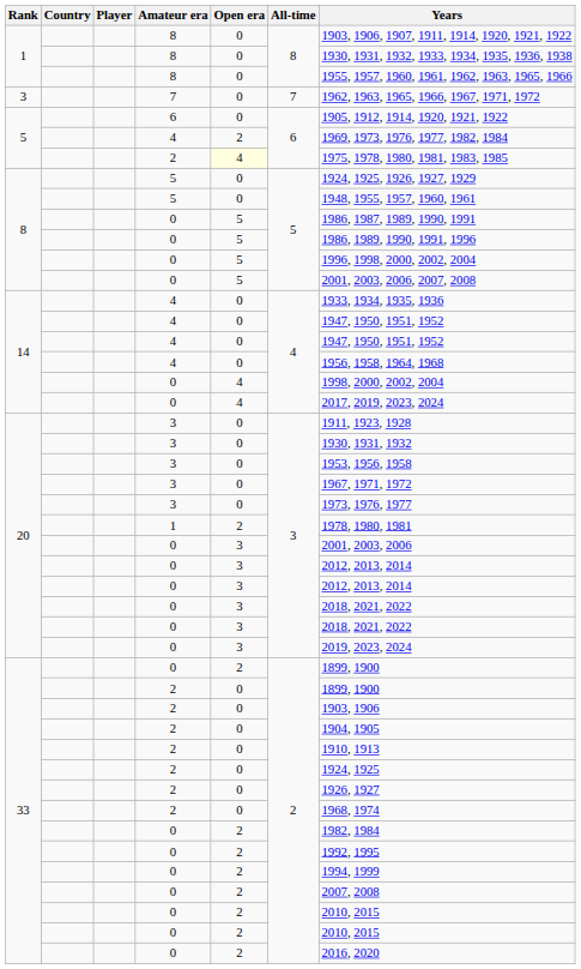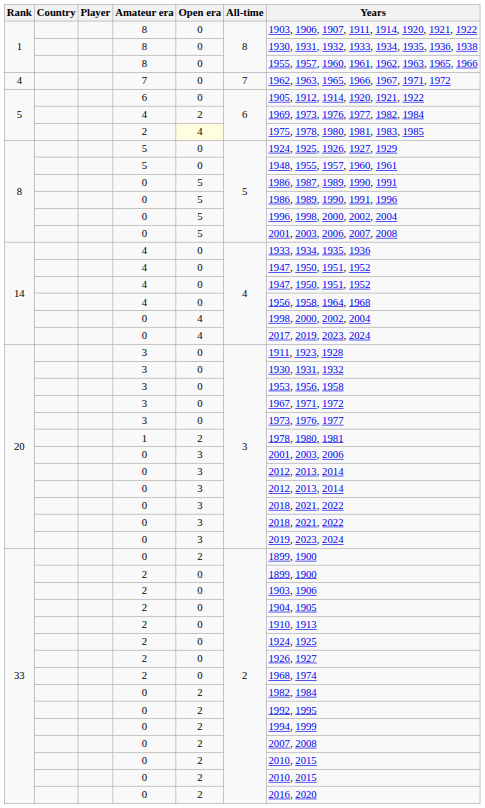 <table class="wikitable sortable">
 <tr>
 <th>Rank</th>
 <th>Country</th>
 <th>Player</th>
 <th>Amateur era</th>
 <th>Open era</th>
 <th>All-time</th>
 <th class="unsortable">Years</th>
 </tr>
 <tr>
 <td rowspan=3 align=center>1</td>
 <td></td>
 <td></td>
 <td align=center>8</td>
 <td align=center>0</td>
 <td rowspan=3 align=center>8</td>
 <td><a href='#'>1903</a>, <a href='#'>1906</a>, <a href='#'>1907</a>, <a href='#'>1911</a>, <a href='#'>1914</a>, <a href='#'>1920</a>, <a href='#'>1921</a>, <a href='#'>1922</a></td>
 </tr>
 <tr>
 <td></td>
 <td></td>
 <td align=center>8</td>
 <td align=center>0</td>
 <td><a href='#'>1930</a>, <a href='#'>1931</a>, <a href='#'>1932</a>, <a href='#'>1933</a>, <a href='#'>1934</a>, <a href='#'>1935</a>, <a href='#'>1936</a>, <a href='#'>1938</a></td>
 </tr>
 <tr>
 <td></td>
 <td></td>
 <td align=center>8</td>
 <td align=center>0</td>
 <td><a href='#'>1955</a>, <a href='#'>1957</a>, <a href='#'>1960</a>, <a href='#'>1961</a>, <a href='#'>1962</a>, <a href='#'>1963</a>, <a href='#'>1965</a>, <a href='#'>1966</a></td>
 </tr>
 <tr>
-<td align=center>3</td>
+<td align=center>4</td>
 <td></td>
 <td></td>
 <td align=center>7</td>
 <td align=center>0</td>
 <td align=center>7</td>
 <td><a href='#'>1962</a>, <a href='#'>1963</a>, <a href='#'>1965</a>, <a href='#'>1966</a>, <a href='#'>1967</a>, <a href='#'>1971</a>, <a href='#'>1972</a></td>
 </tr>
 <tr>
 <td rowspan=3 align=center>5</td>
 <td></td>
 <td></td>
 <td align=center>6</td>
 <td align=center>0</td>
 <td rowspan=3 align=center>6</td>
 <td><a href='#'>1905</a>, <a href='#'>1912</a>, <a href='#'>1914</a>, <a href='#'>1920</a>, <a href='#'>1921</a>, <a href='#'>1922</a></td>
 </tr>
 <tr>
 <td></td>
 <td></td>
 <td align=center>4</td>
 <td align=center>2</td>
 <td><a href='#'>1969</a>, <a href='#'>1973</a>, <a href='#'>1976</a>, <a href='#'>1977</a>, <a href='#'>1982</a>, <a href='#'>1984</a></td>
 </tr>
 <tr>
 <td></td>
 <td></td>
 <td align=center>2</td>
 <td align=center style="background: lightyellow;">4</td>
 <td><a href='#'>1975</a>, <a href='#'>1978</a>, <a href='#'>1980</a>, <a href='#'>1981</a>, <a href='#'>1983</a>, <a href='#'>1985</a></td>
 </tr>
 <tr>
 <td rowspan=6 align=center>8</td>
 <td></td>
 <td></td>
 <td align=center>5</td>
 <td align=center>0</td>
 <td rowspan=6 align=center>5</td>
 <td><a href='#'>1924</a>, <a href='#'>1925</a>, <a href='#'>1926</a>, <a href='#'>1927</a>, <a href='#'>1929</a></td>
 </tr>
 <tr>
 <td></td>
 <td></td>
 <td align=center>5</td>
 <td align=center>0</td>
 <td><a href='#'>1948</a>, <a href='#'>1955</a>, <a href='#'>1957</a>, <a href='#'>1960</a>, <a href='#'>1961</a></td>
 </tr>
 <tr>
 <td></td>
 <td></td>
 <td align=center>0</td>
 <td align=center>5</td>
 <td><a href='#'>1986</a>, <a href='#'>1987</a>, <a href='#'>1989</a>, <a href='#'>1990</a>, <a href='#'>1991</a></td>
 </tr>
 <tr>
 <td></td>
 <td></td>
 <td align=center>0</td>
 <td align=center>5</td>
 <td><a href='#'>1986</a>, <a href='#'>1989</a>, <a href='#'>1990</a>, <a href='#'>1991</a>, <a href='#'>1996</a></td>
 </tr>
 <tr>
 <td></td>
 <td></td>
 <td align=center>0</td>
 <td align=center>5</td>
 <td><a href='#'>1996</a>, <a href='#'>1998</a>, <a href='#'>2000</a>, <a href='#'>2002</a>, <a href='#'>2004</a></td>
 </tr>
 <tr>
 <td></td>
 <td></td>
 <td align=center>0</td>
 <td align=center>5</td>
 <td><a href='#'>2001</a>, <a href='#'>2003</a>, <a href='#'>2006</a>, <a href='#'>2007</a>, <a href='#'>2008</a></td>
 </tr>
 <tr>
 <td rowspan=6 align=center>14</td>
 <td></td>
 <td></td>
 <td align=center>4</td>
 <td align=center>0</td>
 <td rowspan=6 align=center>4</td>
 <td><a href='#'>1933</a>, <a href='#'>1934</a>, <a href='#'>1935</a>, <a href='#'>1936</a></td>
 </tr>
 <tr>
 <td></td>
 <td></td>
 <td align=center>4</td>
 <td align=center>0</td>
 <td><a href='#'>1947</a>, <a href='#'>1950</a>, <a href='#'>1951</a>, <a href='#'>1952</a></td>
 </tr>
 <tr>
 <td></td>
 <td></td>
 <td align=center>4</td>
 <td align=center>0</td>
 <td><a href='#'>1947</a>, <a href='#'>1950</a>, <a href='#'>1951</a>, <a href='#'>1952</a></td>
 </tr>
 <tr>
 <td></td>
 <td></td>
 <td align=center>4</td>
 <td align=center>0</td>
 <td><a href='#'>1956</a>, <a href='#'>1958</a>, <a href='#'>1964</a>, <a href='#'>1968</a></td>
 </tr>
 <tr>
 <td></td>
 <td></td>
 <td align=center>0</td>
 <td align=center>4</td>
 <td><a href='#'>1998</a>, <a href='#'>2000</a>, <a href='#'>2002</a>, <a href='#'>2004</a></td>
 </tr>
 <tr>
 <td></td>
 <td></td>
 <td align="center">0</td>
 <td align=center>4</td>
 <td><a href='#'>2017</a>, <a href='#'>2019</a>, <a href='#'>2023</a>, <a href='#'>2024</a></td>
 </tr>
 <tr>
 <td rowspan=12 align=center>20</td>
 <td></td>
 <td></td>
 <td align=center>3</td>
 <td align=center>0</td>
 <td rowspan=12 align=center>3</td>
 <td><a href='#'>1911</a>, <a href='#'>1923</a>, <a href='#'>1928</a></td>
 </tr>
 <tr>
 <td></td>
 <td></td>
 <td align=center>3</td>
 <td align=center>0</td>
 <td><a href='#'>1930</a>, <a href='#'>1931</a>, <a href='#'>1932</a></td>
 </tr>
 <tr>
 <td></td>
 <td></td>
 <td align=center>3</td>
 <td align=center>0</td>
 <td><a href='#'>1953</a>, <a href='#'>1956</a>, <a href='#'>1958</a></td>
 </tr>
 <tr>
 <td></td>
 <td></td>
 <td align=center>3</td>
 <td align=center>0</td>
 <td><a href='#'>1967</a>, <a href='#'>1971</a>, <a href='#'>1972</a></td>
 </tr>
 <tr>
 <td></td>
 <td></td>
 <td align=center>3</td>
 <td align=center>0</td>
 <td><a href='#'>1973</a>, <a href='#'>1976</a>, <a href='#'>1977</a></td>
 </tr>
 <tr>
 <td></td>
 <td></td>
 <td align=center>1</td>
 <td align=center>2</td>
 <td><a href='#'>1978</a>, <a href='#'>1980</a>, <a href='#'>1981</a></td>
 </tr>
 <tr>
 <td></td>
 <td></td>
 <td align=center>0</td>
 <td align=center>3</td>
 <td><a href='#'>2001</a>, <a href='#'>2003</a>, <a href='#'>2006</a></td>
 </tr>
 <tr>
 <td></td>
 <td></td>
 <td align=center>0</td>
 <td align=center>3</td>
 <td><a href='#'>2012</a>, <a href='#'>2013</a>, <a href='#'>2014</a></td>
 </tr>
 <tr>
 <td></td>
 <td align=left></td>
 <td align=center>0</td>
 <td align=center>3</td>
 <td><a href='#'>2012</a>, <a href='#'>2013</a>, <a href='#'>2014</a></td>
 </tr>
 <tr>
 <td></td>
 <td><strong></strong></td>
 <td align=center>0</td>
 <td align=center>3</td>
 <td><a href='#'>2018</a>, <a href='#'>2021</a>, <a href='#'>2022</a></td>
 </tr>
 <tr>
 <td></td>
 <td><strong></strong></td>
 <td align=center>0</td>
 <td align=center>3</td>
 <td><a href='#'>2018</a>, <a href='#'>2021</a>, <a href='#'>2022</a></td>
 </tr>
 <tr>
 <td></td>
 <td></td>
 <td align="center">0</td>
 <td align=center>3</td>
 <td><a href='#'>2019</a>, <a href='#'>2023</a>, <a href='#'>2024</a></td>
 </tr>
 <tr>
 <td rowspan=15 align=center>33</td>
 <td></td>
 <td align=left></td>
 <td align=center>0</td>
 <td align=center>2</td>
 <td rowspan=15 align=center>2</td>
 <td><a href='#'>1899</a>, <a href='#'>1900</a></td>
 </tr>
 <tr>
 <td></td>
 <td></td>
 <td align=center>2</td>
 <td align=center>0</td>
 <td><a href='#'>1899</a>, <a href='#'>1900</a></td>
 </tr>
 <tr>
 <td></td>
 <td></td>
 <td align=center>2</td>
 <td align=center>0</td>
 <td><a href='#'>1903</a>, <a href='#'>1906</a></td>
 </tr>
 <tr>
 <td></td>
 <td></td>
 <td align=center>2</td>
 <td align=center>0</td>
 <td><a href='#'>1904</a>, <a href='#'>1905</a></td>
 </tr>
 <tr>
 <td></td>
 <td></td>
 <td align=center>2</td>
 <td align=center>0</td>
 <td><a href='#'>1910</a>, <a href='#'>1913</a></td>
 </tr>
 <tr>
 <td></td>
 <td></td>
 <td align=center>2</td>
 <td align=center>0</td>
 <td><a href='#'>1924</a>, <a href='#'>1925</a></td>
 </tr>
 <tr>
 <td></td>
 <td></td>
 <td align=center>2</td>
 <td align=center>0</td>
 <td><a href='#'>1926</a>, <a href='#'>1927</a></td>
 </tr>
 <tr>
 <td></td>
 <td></td>
 <td align=center>2</td>
 <td align=center>0</td>
 <td><a href='#'>1968</a>, <a href='#'>1974</a></td>
 </tr>
 <tr>
 <td></td>
 <td></td>
 <td align=center>0</td>
 <td align=center>2</td>
 <td><a href='#'>1982</a>, <a href='#'>1984</a></td>
 </tr>
 <tr>
 <td></td>
 <td></td>
 <td align=center>0</td>
 <td align=center>2</td>
 <td><a href='#'>1992</a>, <a href='#'>1995</a></td>
 </tr>
 <tr>
 <td></td>
 <td></td>
 <td align=center>0</td>
 <td align=center>2</td>
 <td><a href='#'>1994</a>, <a href='#'>1999</a></td>
 </tr>
 <tr>
 <td></td>
 <td></td>
 <td align=center>0</td>
 <td align=center>2</td>
 <td><a href='#'>2007</a>, <a href='#'>2008</a></td>
 </tr>
 <tr>
 <td></td>
 <td></td>
 <td align=center>0</td>
 <td align=center>2</td>
 <td><a href='#'>2010</a>, <a href='#'>2015</a></td>
 </tr>
 <tr>
 <td></td>
 <td></td>
 <td align=center>0</td>
 <td align=center>2</td>
 <td><a href='#'>2010</a>, <a href='#'>2015</a></td>
 </tr>
 <tr>
 <td></td>
 <td></td>
 <td align=center>0</td>
 <td align=center>2</td>
 <td><a href='#'>2016</a>, <a href='#'>2020</a></td>
 </tr>
 </table>
